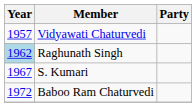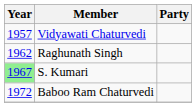 <table class="wikitable sortable">
 <tr>
 <th>Year</th>
 <th>Member</th>
 <th colspan="2">Party</th>
 </tr>
 <tr>
 <td><a href='#'>1957</a></td>
 <td><a href='#'>Vidyawati Chaturvedi</a></td>
 <td></td>
 </tr>
 <tr>
-<td style="background: lightblue;"><a href='#'>1962</a></td>
+<td><a href='#'>1962</a></td>
 <td>Raghunath Singh</td>
 <td></td>
 </tr>
 <tr>
-<td><a href='#'>1967</a></td>
+<td style="background: lightgreen;"><a href='#'>1967</a></td>
 <td>S. Kumari</td>
 <td></td>
 </tr>
 <tr>
 <td><a href='#'>1972</a></td>
 <td>Baboo Ram Chaturvedi</td>
 <td></td>
 </tr>
 <tr>
 </tr>
 </table>
